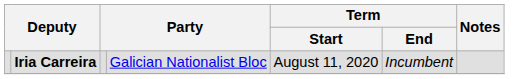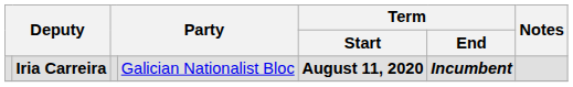 <table class="wikitable sortable" style="text-align:center">
 <tr>
 <th colspan="2" rowspan="2">Deputy</th>
 <th colspan="2" rowspan="2">Party</th>
 <th colspan="2">Term</th>
 <th rowspan="2">Notes</th>
 </tr>
 <tr>
 <th>Start</th>
 <th>End</th>
 </tr>
 <tr style="background:#e0e0e0">
 <td></td>
 <td><strong>Iria Carreira</strong></td>
 <td style="background-color:"></td>
 <td><a href='#'>Galician Nationalist Bloc</a></td>
-<td>August 11, 2020</td>
-<td><em>Incumbent</em></td>
+<td><strong>August 11, 2020</strong></td>
+<td><strong><em>Incumbent</em></strong></td>
 <td></td>
 </tr>
 <tr>
 </tr>
 </table>
